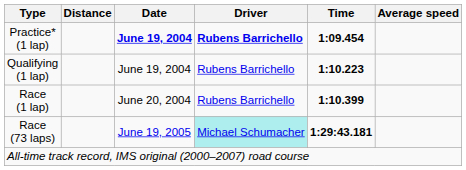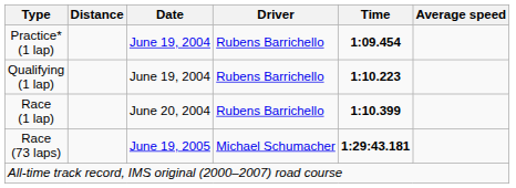 <table class="wikitable">
 <tr>
 <th>Type</th>
 <th>Distance</th>
 <th>Date</th>
 <th>Driver</th>
 <th>Time</th>
 <th>Average speed</th>
 </tr>
 <tr>
 <td style="text-align:center;">Practice*<br>(1 lap)</td>
 <td style="text-align:center;"></td>
-<td style="text-align:center;"><strong><a href='#'>June 19, 2004</a></strong></td>
-<td><strong> <a href='#'>Rubens Barrichello</a></strong></td>
+<td style="text-align:center;"><a href='#'>June 19, 2004</a></td>
+<td> <a href='#'>Rubens Barrichello</a></td>
 <td style="text-align:center;"><strong>1:09.454</strong></td>
 <td style="text-align:center;"></td>
 </tr>
 <tr>
 <td style="text-align:center;">Qualifying<br>(1 lap)</td>
 <td style="text-align:center;"></td>
 <td style="text-align:center;">June 19, 2004</td>
 <td> <a href='#'>Rubens Barrichello</a></td>
 <td style="text-align:center;"><strong>1:10.223</strong></td>
 <td style="text-align:center;"></td>
 </tr>
 <tr>
 <td style="text-align:center;">Race<br>(1 lap)</td>
 <td style="text-align:center;"></td>
 <td style="text-align:center;">June 20, 2004</td>
 <td> <a href='#'>Rubens Barrichello</a></td>
 <td style="text-align:center;"><strong>1:10.399</strong></td>
 <td style="text-align:center;"></td>
 </tr>
 <tr>
 <td style="text-align:center;">Race<br>(73 laps)</td>
 <td style="text-align:center;"></td>
 <td style="text-align:center;"><a href='#'>June 19, 2005</a></td>
-<td style="background: paleturquoise;"> <a href='#'>Michael Schumacher</a></td>
+<td> <a href='#'>Michael Schumacher</a></td>
 <td style="text-align:center;"><strong>1:29:43.181</strong></td>
 <td style="text-align:center;"></td>
 </tr>
 <tr>
 <td colspan="6"> <em>All-time track record, IMS original (2000–2007) road course</em></td>
 </tr>
 </table>
